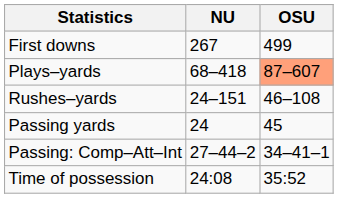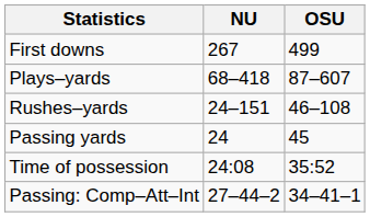 <table class="wikitable">
 <tr>
 <th>Statistics</th>
 <th>NU</th>
 <th>OSU</th>
 </tr>
 <tr>
 <td>First downs</td>
 <td>267</td>
 <td>499</td>
 </tr>
 <tr>
 <td>Plays–yards</td>
 <td>68–418</td>
-<td style="background: lightsalmon;">87–607</td>
+<td>87–607</td>
 </tr>
 <tr>
 <td>Rushes–yards</td>
 <td>24–151</td>
 <td>46–108</td>
 </tr>
 <tr>
 <td>Passing yards</td>
 <td>24</td>
 <td>45</td>
 </tr>
 <tr>
+<td>Time of possession</td>
+<td>24:08</td>
+<td>35:52</td>
+</tr>
+<tr>
 <td>Passing: Comp–Att–Int</td>
 <td>27–44–2</td>
 <td>34–41–1</td>
 </tr>
-<tr>
-<td>Time of possession</td>
-<td>24:08</td>
-<td>35:52</td>
-</tr>
 </table>
